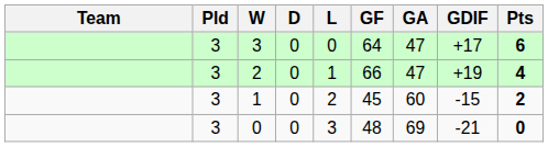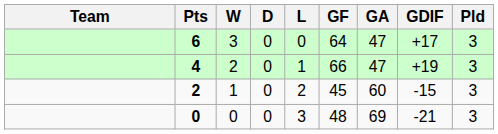 <table class=wikitable style="text-align:center" width=500>
 <tr>
 <th width=25%>Team</th>
-<th width=5%>Pld</th>
+<th width=5%>Pts</th>
 <th width=5%>W</th>
 <th width=5%>D</th>
 <th width=5%>L</th>
 <th width=5%>GF</th>
 <th width=5%>GA</th>
 <th width=5%>GDIF</th>
-<th width=5%>Pts</th>
+<th width=5%>Pld</th>
 </tr>
 <tr bgcolor=#ccffcc>
 <td align="left"></td>
-<td>3</td>
+<td><strong>6</strong></td>
 <td>3</td>
 <td>0</td>
 <td>0</td>
 <td>64</td>
 <td>47</td>
 <td>+17</td>
-<td><strong>6</strong></td>
+<td>3</td>
 </tr>
 <tr bgcolor=#ccffcc>
 <td align="left"></td>
-<td>3</td>
+<td><strong>4</strong></td>
 <td>2</td>
 <td>0</td>
 <td>1</td>
 <td>66</td>
 <td>47</td>
 <td>+19</td>
-<td><strong>4</strong></td>
+<td>3</td>
 </tr>
 <tr>
 <td align="left"></td>
-<td>3</td>
+<td><strong>2</strong></td>
 <td>1</td>
 <td>0</td>
 <td>2</td>
 <td>45</td>
 <td>60</td>
 <td>-15</td>
-<td><strong>2</strong></td>
+<td>3</td>
 </tr>
 <tr>
 <td align="left"></td>
-<td>3</td>
+<td><strong>0</strong></td>
 <td>0</td>
 <td>0</td>
 <td>3</td>
 <td>48</td>
 <td>69</td>
 <td>-21</td>
-<td><strong>0</strong></td>
+<td>3</td>
 </tr>
 </table>
